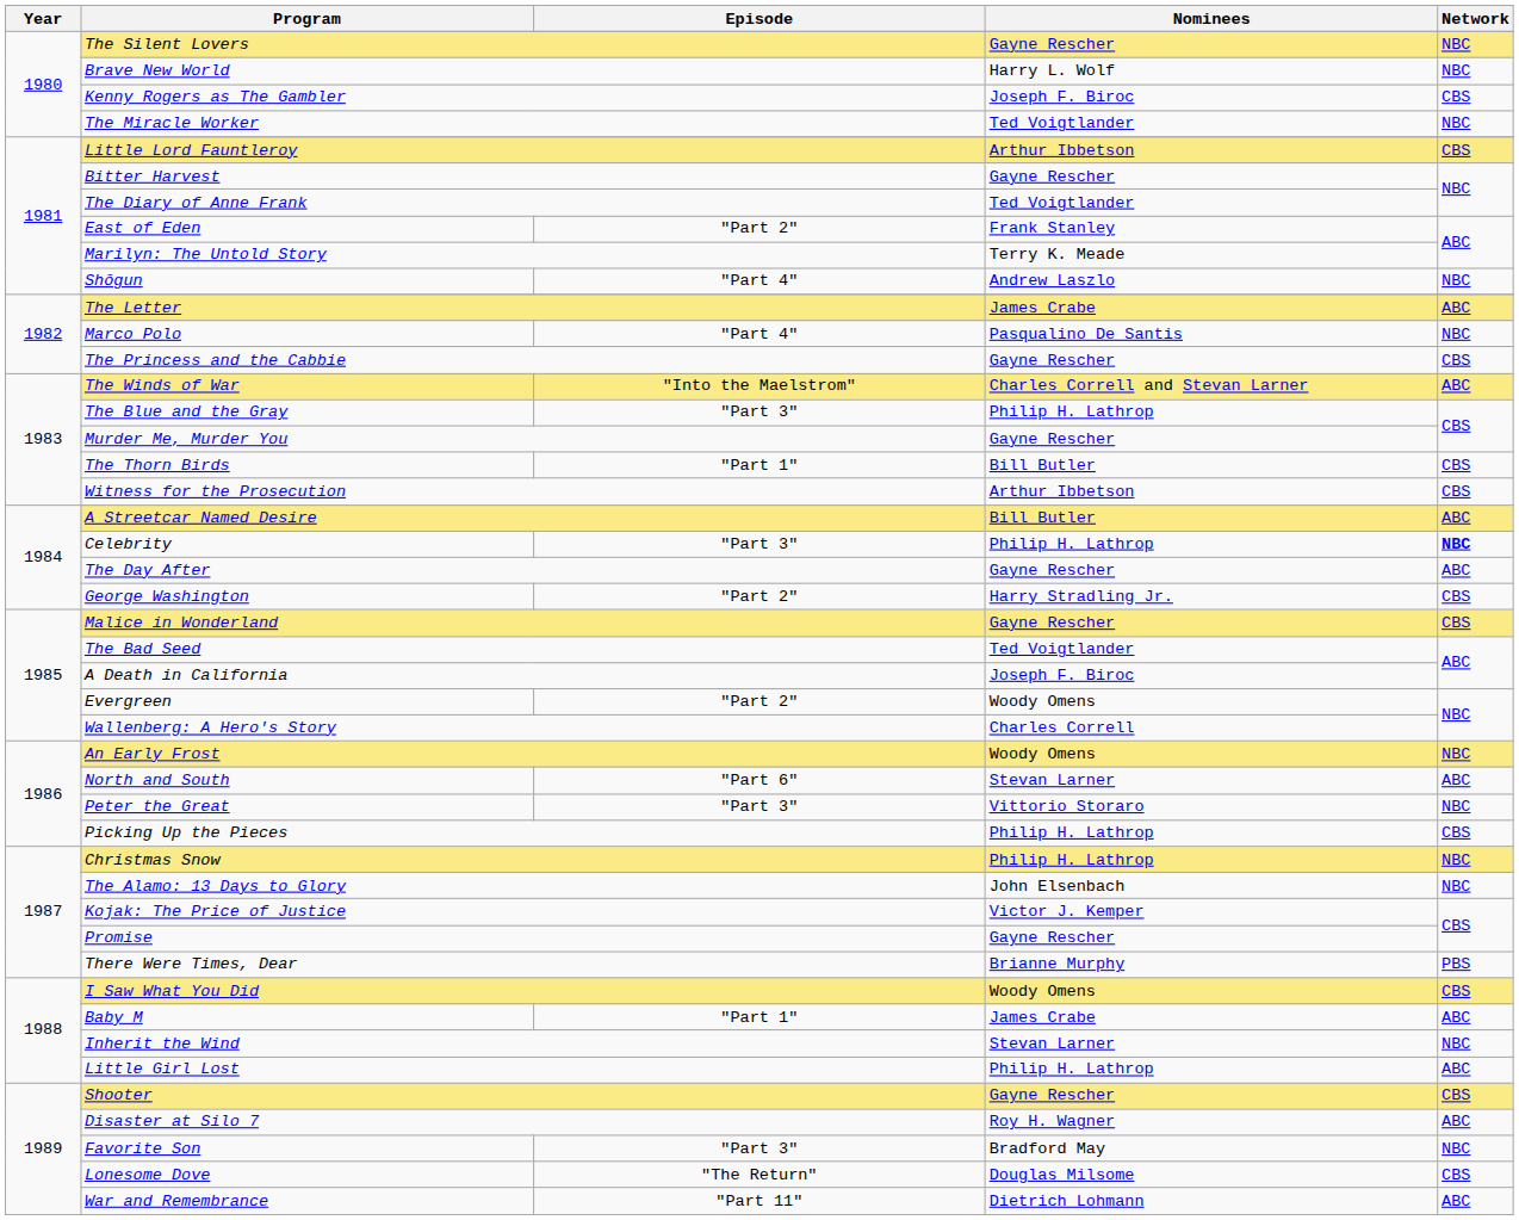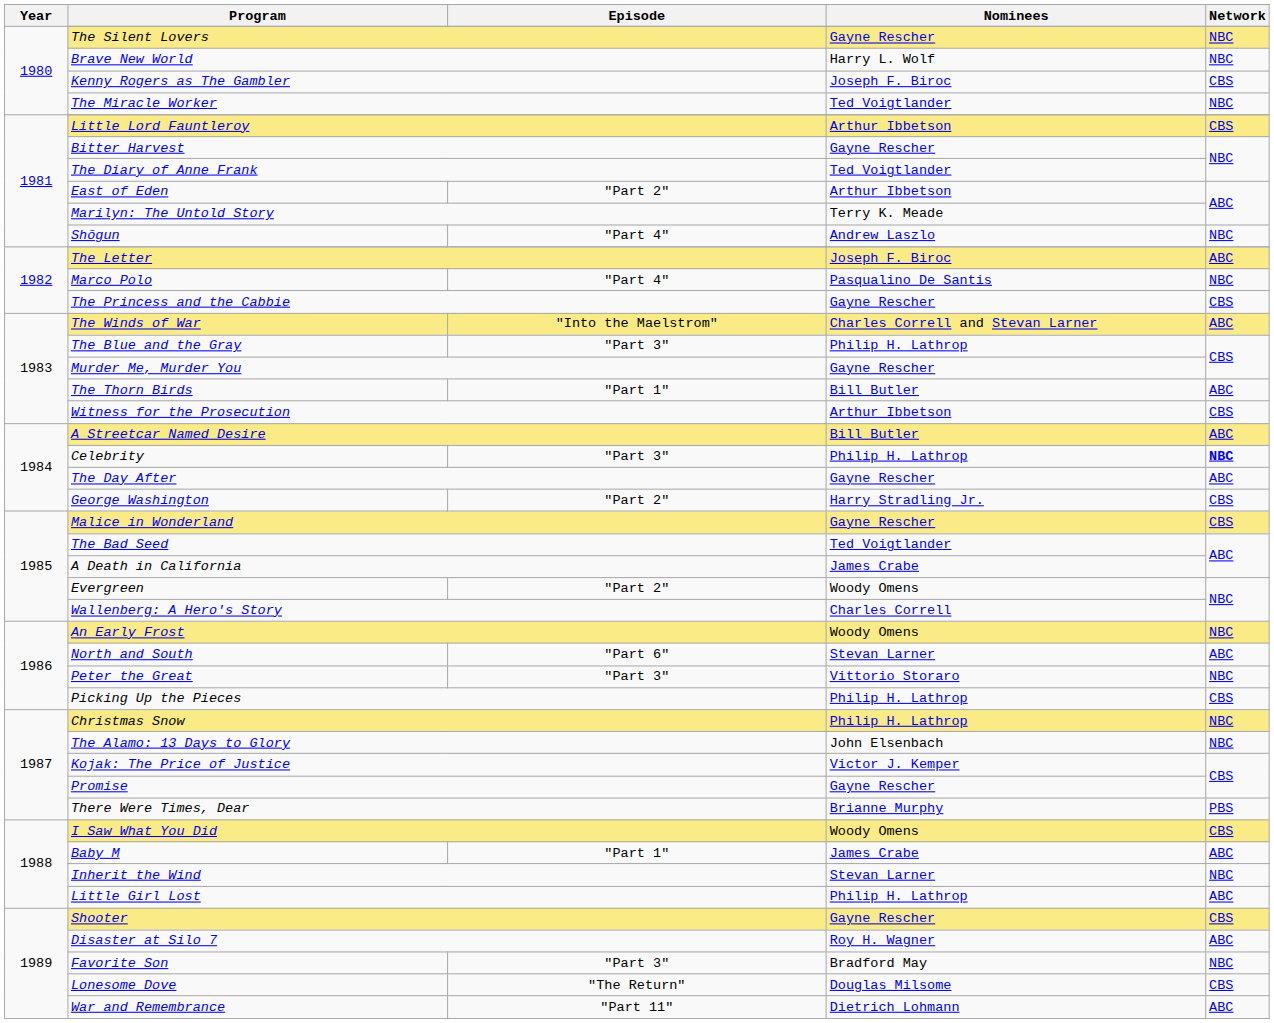 <table class="wikitable">
 <tr>
 <th width="5%">Year</th>
 <th width="30%">Program</th>
 <th width="30%">Episode</th>
 <th width="30%">Nominees</th>
 <th width="5%">Network</th>
 </tr>
 <tr>
 <td rowspan="5" style="text-align:center;"><a href='#'>1980</a><br></td>
 </tr>
 <tr style="background:#FAEB86;">
 <td colspan=2><em>The Silent Lovers</em></td>
 <td><a href='#'>Gayne Rescher</a></td>
 <td><a href='#'>NBC</a></td>
 </tr>
 <tr>
 <td colspan=2><em><a href='#'>Brave New World</a></em></td>
 <td>Harry L. Wolf</td>
 <td><a href='#'>NBC</a></td>
 </tr>
 <tr>
 <td colspan=2><em><a href='#'>Kenny Rogers as The Gambler</a></em></td>
 <td><a href='#'>Joseph F. Biroc</a></td>
 <td><a href='#'>CBS</a></td>
 </tr>
 <tr>
 <td colspan=2><em><a href='#'>The Miracle Worker</a></em></td>
 <td><a href='#'>Ted Voigtlander</a></td>
 <td><a href='#'>NBC</a></td>
 </tr>
 <tr>
 <td rowspan="7" style="text-align:center;"><a href='#'>1981</a><br></td>
 </tr>
 <tr style="background:#FAEB86;">
 <td colspan=2><em><a href='#'>Little Lord Fauntleroy</a></em></td>
 <td><a href='#'>Arthur Ibbetson</a></td>
 <td><a href='#'>CBS</a></td>
 </tr>
 <tr>
 <td colspan=2><em><a href='#'>Bitter Harvest</a></em></td>
 <td><a href='#'>Gayne Rescher</a></td>
 <td rowspan=2><a href='#'>NBC</a></td>
 </tr>
 <tr>
 <td colspan=2><em><a href='#'>The Diary of Anne Frank</a></em></td>
 <td><a href='#'>Ted Voigtlander</a></td>
 </tr>
 <tr>
 <td><em><a href='#'>East of Eden</a></em></td>
 <td align=center>"Part 2"</td>
-<td><a href='#'>Frank Stanley</a></td>
+<td><a href='#'>Arthur Ibbetson</a></td>
 <td rowspan=2><a href='#'>ABC</a></td>
 </tr>
 <tr>
 <td colspan=2><em><a href='#'>Marilyn: The Untold Story</a></em></td>
 <td>Terry K. Meade</td>
 </tr>
 <tr>
 <td><em><a href='#'>Shōgun</a></em></td>
 <td align=center>"Part 4"</td>
 <td><a href='#'>Andrew Laszlo</a></td>
 <td><a href='#'>NBC</a></td>
 </tr>
 <tr>
 <td rowspan="4" style="text-align:center;"><a href='#'>1982</a><br></td>
 </tr>
 <tr style="background:#FAEB86;">
 <td colspan=2><em><a href='#'>The Letter</a></em></td>
-<td><a href='#'>James Crabe</a></td>
+<td><a href='#'>Joseph F. Biroc</a></td>
 <td><a href='#'>ABC</a></td>
 </tr>
 <tr>
 <td><em><a href='#'>Marco Polo</a></em></td>
 <td align=center>"Part 4"</td>
 <td><a href='#'>Pasqualino De Santis</a></td>
 <td><a href='#'>NBC</a></td>
 </tr>
 <tr>
 <td colspan=2><em><a href='#'>The Princess and the Cabbie</a></em></td>
 <td><a href='#'>Gayne Rescher</a></td>
 <td><a href='#'>CBS</a></td>
 </tr>
 <tr>
 <td rowspan="5" style="text-align:center;">1983<br></td>
 <td style="background:#FAEB86;"><em><a href='#'>The Winds of War</a></em></td>
 <td style="background:#FAEB86;" align=center>"Into the Maelstrom"</td>
 <td style="background:#FAEB86;"><a href='#'>Charles Correll</a> and <a href='#'>Stevan Larner</a></td>
 <td style="background:#FAEB86;"><a href='#'>ABC</a></td>
 </tr>
 <tr>
 <td><em><a href='#'>The Blue and the Gray</a></em></td>
 <td align=center>"Part 3"</td>
 <td><a href='#'>Philip H. Lathrop</a></td>
 <td rowspan=2><a href='#'>CBS</a></td>
 </tr>
 <tr>
 <td colspan=2><em><a href='#'>Murder Me, Murder You</a></em></td>
 <td><a href='#'>Gayne Rescher</a></td>
 </tr>
 <tr>
 <td><em><a href='#'>The Thorn Birds</a></em></td>
 <td align=center>"Part 1"</td>
 <td><a href='#'>Bill Butler</a></td>
-<td><a href='#'>CBS</a></td>
+<td><a href='#'>ABC</a></td>
 </tr>
 <tr>
 <td colspan=2><em><a href='#'>Witness for the Prosecution</a></em></td>
 <td><a href='#'>Arthur Ibbetson</a></td>
 <td><a href='#'>CBS</a></td>
 </tr>
 <tr>
 <td rowspan="4" style="text-align:center;">1984<br></td>
 <td style="background:#FAEB86;" colspan=2><em><a href='#'>A Streetcar Named Desire</a></em></td>
 <td style="background:#FAEB86;"><a href='#'>Bill Butler</a></td>
 <td style="background:#FAEB86;"><a href='#'>ABC</a></td>
 </tr>
 <tr>
 <td><em>Celebrity</em></td>
 <td align=center>"Part 3"</td>
 <td><a href='#'>Philip H. Lathrop</a></td>
 <td><strong><a href='#'>NBC</a></strong></td>
 </tr>
 <tr>
 <td colspan=2><em><a href='#'>The Day After</a></em></td>
 <td><a href='#'>Gayne Rescher</a></td>
 <td><a href='#'>ABC</a></td>
 </tr>
 <tr>
 <td><em><a href='#'>George Washington</a></em></td>
 <td align=center>"Part 2"</td>
 <td><a href='#'>Harry Stradling Jr.</a></td>
 <td><a href='#'>CBS</a></td>
 </tr>
 <tr>
 <td rowspan="5" style="text-align:center;">1985<br></td>
 <td style="background:#FAEB86;" colspan=2><em><a href='#'>Malice in Wonderland</a></em></td>
 <td style="background:#FAEB86;"><a href='#'>Gayne Rescher</a></td>
 <td style="background:#FAEB86;"><a href='#'>CBS</a></td>
 </tr>
 <tr>
 <td colspan=2><em><a href='#'>The Bad Seed</a></em></td>
 <td><a href='#'>Ted Voigtlander</a></td>
 <td rowspan=2><a href='#'>ABC</a></td>
 </tr>
 <tr>
 <td colspan=2><em>A Death in California</em></td>
-<td><a href='#'>Joseph F. Biroc</a></td>
+<td><a href='#'>James Crabe</a></td>
 </tr>
 <tr>
 <td><em>Evergreen</em></td>
 <td align=center>"Part 2"</td>
 <td>Woody Omens</td>
 <td rowspan=2><a href='#'>NBC</a></td>
 </tr>
 <tr>
 <td colspan=2><em><a href='#'>Wallenberg: A Hero's Story</a></em></td>
 <td><a href='#'>Charles Correll</a></td>
 </tr>
 <tr>
 <td rowspan="4" style="text-align:center;">1986<br></td>
 <td style="background:#FAEB86;" colspan=2><em><a href='#'>An Early Frost</a></em></td>
 <td style="background:#FAEB86;">Woody Omens</td>
 <td style="background:#FAEB86;"><a href='#'>NBC</a></td>
 </tr>
 <tr>
 <td><em><a href='#'>North and South</a></em></td>
 <td align=center>"Part 6"</td>
 <td><a href='#'>Stevan Larner</a></td>
 <td><a href='#'>ABC</a></td>
 </tr>
 <tr>
 <td><em><a href='#'>Peter the Great</a></em></td>
 <td align=center>"Part 3"</td>
 <td><a href='#'>Vittorio Storaro</a></td>
 <td><a href='#'>NBC</a></td>
 </tr>
 <tr>
 <td colspan=2><em>Picking Up the Pieces </em></td>
 <td><a href='#'>Philip H. Lathrop</a></td>
 <td><a href='#'>CBS</a></td>
 </tr>
 <tr>
 <td rowspan="5" style="text-align:center;">1987<br></td>
 <td style="background:#FAEB86;" colspan=2><em>Christmas Snow</em></td>
 <td style="background:#FAEB86;"><a href='#'>Philip H. Lathrop</a></td>
 <td style="background:#FAEB86;"><a href='#'>NBC</a></td>
 </tr>
 <tr>
 <td colspan=2><em><a href='#'>The Alamo: 13 Days to Glory</a></em></td>
 <td>John Elsenbach</td>
 <td><a href='#'>NBC</a></td>
 </tr>
 <tr>
 <td colspan=2><em><a href='#'>Kojak: The Price of Justice</a></em></td>
 <td><a href='#'>Victor J. Kemper</a></td>
 <td rowspan=2><a href='#'>CBS</a></td>
 </tr>
 <tr>
 <td colspan=2><em><a href='#'>Promise</a></em></td>
 <td><a href='#'>Gayne Rescher</a></td>
 </tr>
 <tr>
 <td colspan=2><em>There Were Times, Dear</em></td>
 <td><a href='#'>Brianne Murphy</a></td>
 <td><a href='#'>PBS</a></td>
 </tr>
 <tr>
 <td rowspan="4" style="text-align:center;">1988<br></td>
 <td style="background:#FAEB86;" colspan=2><em><a href='#'>I Saw What You Did</a></em></td>
 <td style="background:#FAEB86;">Woody Omens</td>
 <td style="background:#FAEB86;"><a href='#'>CBS</a></td>
 </tr>
 <tr>
 <td><em><a href='#'>Baby M</a></em></td>
 <td align=center>"Part 1"</td>
 <td><a href='#'>James Crabe</a></td>
 <td><a href='#'>ABC</a></td>
 </tr>
 <tr>
 <td colspan=2><em><a href='#'>Inherit the Wind</a></em></td>
 <td><a href='#'>Stevan Larner</a></td>
 <td><a href='#'>NBC</a></td>
 </tr>
 <tr>
 <td colspan=2><em><a href='#'>Little Girl Lost</a></em></td>
 <td><a href='#'>Philip H. Lathrop</a></td>
 <td><a href='#'>ABC</a></td>
 </tr>
 <tr>
 <td rowspan="5" style="text-align:center;">1989<br></td>
 <td style="background:#FAEB86;" colspan=2><em><a href='#'>Shooter</a></em></td>
 <td style="background:#FAEB86;"><a href='#'>Gayne Rescher</a></td>
 <td style="background:#FAEB86;"><a href='#'>CBS</a></td>
 </tr>
 <tr>
 <td colspan=2><em><a href='#'>Disaster at Silo 7</a></em></td>
 <td><a href='#'>Roy H. Wagner</a></td>
 <td><a href='#'>ABC</a></td>
 </tr>
 <tr>
 <td><em><a href='#'>Favorite Son</a></em></td>
 <td align=center>"Part 3"</td>
 <td>Bradford May</td>
 <td><a href='#'>NBC</a></td>
 </tr>
 <tr>
 <td><em><a href='#'>Lonesome Dove</a></em></td>
 <td align=center>"The Return"</td>
 <td><a href='#'>Douglas Milsome</a></td>
 <td><a href='#'>CBS</a></td>
 </tr>
 <tr>
 <td><em><a href='#'>War and Remembrance</a></em></td>
 <td align=center>"Part 11"</td>
 <td><a href='#'>Dietrich Lohmann</a></td>
 <td><a href='#'>ABC</a></td>
 </tr>
 </table>
